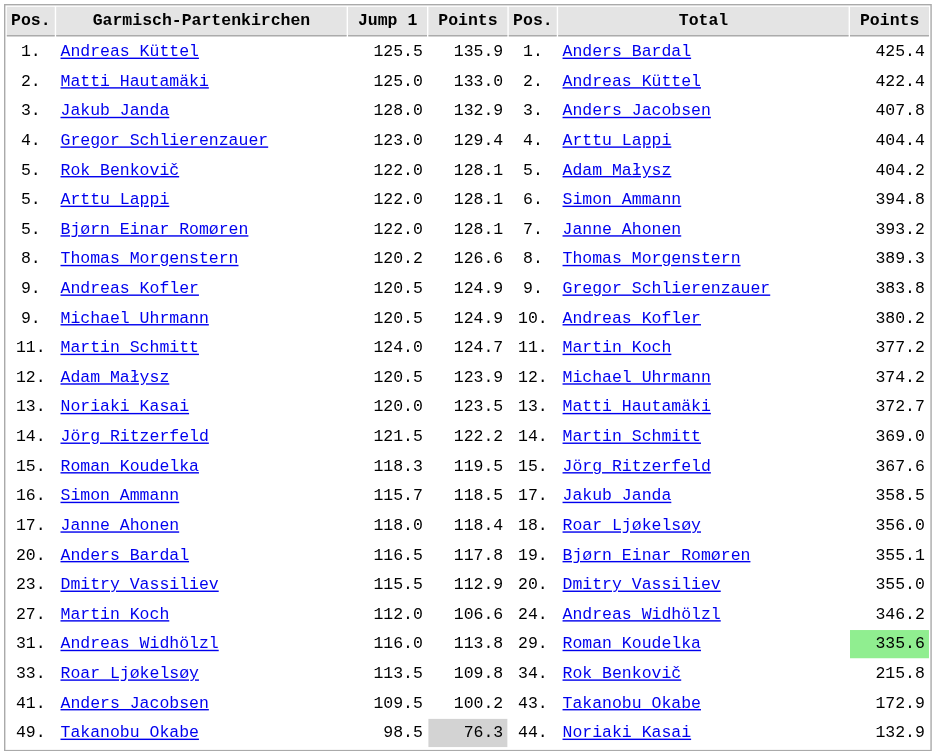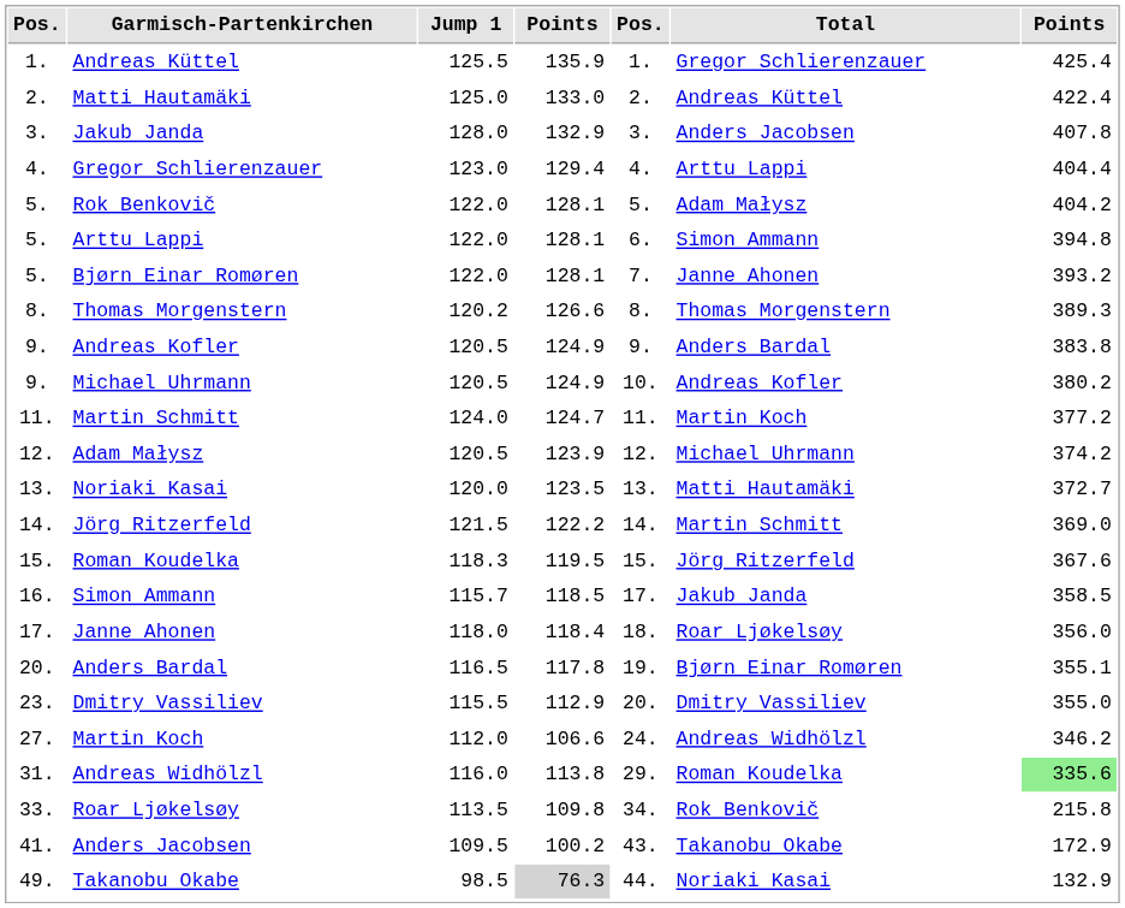 <table cellspacing="1" cellpadding="3" style="border:1px solid #AAAAAA;font-size:90%">
 <tr bgcolor="#E4E4E4">
 <th style="border-bottom:1px solid #AAAAAA" width=10>Pos.</th>
 <th style="border-bottom:1px solid #AAAAAA" width=200>Garmisch-Partenkirchen</th>
 <th style="border-bottom:1px solid #AAAAAA" width=50>Jump 1</th>
 <th style="border-bottom:1px solid #AAAAAA" width=50>Points</th>
 <th style="border-bottom:1px solid #AAAAAA" width=10>Pos.</th>
 <th style="border-bottom:1px solid #AAAAAA" width=200>Total</th>
 <th style="border-bottom:1px solid #AAAAAA" width=50>Points</th>
 </tr>
 <tr>
 <td align="center">1.</td>
 <td> <a href='#'>Andreas Küttel</a></td>
 <td align="right">125.5</td>
 <td align="right">135.9</td>
 <td align="center">1.</td>
-<td> <a href='#'>Anders Bardal</a></td>
+<td> <a href='#'>Gregor Schlierenzauer</a></td>
 <td align="right">425.4</td>
 </tr>
 <tr>
 <td align="center">2.</td>
 <td> <a href='#'>Matti Hautamäki</a></td>
 <td align="right">125.0</td>
 <td align="right">133.0</td>
 <td align="center">2.</td>
 <td> <a href='#'>Andreas Küttel</a></td>
 <td align="right">422.4</td>
 </tr>
 <tr>
 <td align="center">3.</td>
 <td> <a href='#'>Jakub Janda</a></td>
 <td align="right">128.0</td>
 <td align="right">132.9</td>
 <td align="center">3.</td>
 <td> <a href='#'>Anders Jacobsen</a></td>
 <td align="right">407.8</td>
 </tr>
 <tr>
 <td align="center">4.</td>
 <td> <a href='#'>Gregor Schlierenzauer</a></td>
 <td align="right">123.0</td>
 <td align="right">129.4</td>
 <td align="center">4.</td>
 <td> <a href='#'>Arttu Lappi</a></td>
 <td align="right">404.4</td>
 </tr>
 <tr>
 <td align="center">5.</td>
 <td> <a href='#'>Rok Benkovič</a></td>
 <td align="right">122.0</td>
 <td align="right">128.1</td>
 <td align="center">5.</td>
 <td> <a href='#'>Adam Małysz</a></td>
 <td align="right">404.2</td>
 </tr>
 <tr>
 <td align="center">5.</td>
 <td> <a href='#'>Arttu Lappi</a></td>
 <td align="right">122.0</td>
 <td align="right">128.1</td>
 <td align="center">6.</td>
 <td> <a href='#'>Simon Ammann</a></td>
 <td align="right">394.8</td>
 </tr>
 <tr>
 <td align="center">5.</td>
 <td> <a href='#'>Bjørn Einar Romøren</a></td>
 <td align="right">122.0</td>
 <td align="right">128.1</td>
 <td align="center">7.</td>
 <td> <a href='#'>Janne Ahonen</a></td>
 <td align="right">393.2</td>
 </tr>
 <tr>
 <td align="center">8.</td>
 <td> <a href='#'>Thomas Morgenstern</a></td>
 <td align="right">120.2</td>
 <td align="right">126.6</td>
 <td align="center">8.</td>
 <td> <a href='#'>Thomas Morgenstern</a></td>
 <td align="right">389.3</td>
 </tr>
 <tr>
 <td align="center">9.</td>
 <td> <a href='#'>Andreas Kofler</a></td>
 <td align="right">120.5</td>
 <td align="right">124.9</td>
 <td align="center">9.</td>
-<td> <a href='#'>Gregor Schlierenzauer</a></td>
+<td> <a href='#'>Anders Bardal</a></td>
 <td align="right">383.8</td>
 </tr>
 <tr>
 <td align="center">9.</td>
 <td> <a href='#'>Michael Uhrmann</a></td>
 <td align="right">120.5</td>
 <td align="right">124.9</td>
 <td align="center">10.</td>
 <td> <a href='#'>Andreas Kofler</a></td>
 <td align="right">380.2</td>
 </tr>
 <tr>
 <td align="center">11.</td>
 <td> <a href='#'>Martin Schmitt</a></td>
 <td align="right">124.0</td>
 <td align="right">124.7</td>
 <td align="center">11.</td>
 <td> <a href='#'>Martin Koch</a></td>
 <td align="right">377.2</td>
 </tr>
 <tr>
 <td align="center">12.</td>
 <td> <a href='#'>Adam Małysz</a></td>
 <td align="right">120.5</td>
 <td align="right">123.9</td>
 <td align="center">12.</td>
 <td> <a href='#'>Michael Uhrmann</a></td>
 <td align="right">374.2</td>
 </tr>
 <tr>
 <td align="center">13.</td>
 <td> <a href='#'>Noriaki Kasai</a></td>
 <td align="right">120.0</td>
 <td align="right">123.5</td>
 <td align="center">13.</td>
 <td> <a href='#'>Matti Hautamäki</a></td>
 <td align="right">372.7</td>
 </tr>
 <tr>
 <td align="center">14.</td>
 <td> <a href='#'>Jörg Ritzerfeld</a></td>
 <td align="right">121.5</td>
 <td align="right">122.2</td>
 <td align="center">14.</td>
 <td> <a href='#'>Martin Schmitt</a></td>
 <td align="right">369.0</td>
 </tr>
 <tr>
 <td align="center">15.</td>
 <td> <a href='#'>Roman Koudelka</a></td>
 <td align="right">118.3</td>
 <td align="right">119.5</td>
 <td align="center">15.</td>
 <td> <a href='#'>Jörg Ritzerfeld</a></td>
 <td align="right">367.6</td>
 </tr>
 <tr>
 <td align="center">16.</td>
 <td> <a href='#'>Simon Ammann</a></td>
 <td align="right">115.7</td>
 <td align="right">118.5</td>
 <td align="center">17.</td>
 <td> <a href='#'>Jakub Janda</a></td>
 <td align="right">358.5</td>
 </tr>
 <tr>
 <td align="center">17.</td>
 <td> <a href='#'>Janne Ahonen</a></td>
 <td align="right">118.0</td>
 <td align="right">118.4</td>
 <td align="center">18.</td>
 <td> <a href='#'>Roar Ljøkelsøy</a></td>
 <td align="right">356.0</td>
 </tr>
 <tr>
 <td align="center">20.</td>
 <td> <a href='#'>Anders Bardal</a></td>
 <td align="right">116.5</td>
 <td align="right">117.8</td>
 <td align="center">19.</td>
 <td> <a href='#'>Bjørn Einar Romøren</a></td>
 <td align="right">355.1</td>
 </tr>
 <tr>
 <td align="center">23.</td>
 <td> <a href='#'>Dmitry Vassiliev</a></td>
 <td align="right">115.5</td>
 <td align="right">112.9</td>
 <td align="center">20.</td>
 <td> <a href='#'>Dmitry Vassiliev</a></td>
 <td align="right">355.0</td>
 </tr>
 <tr>
 <td align="center">27.</td>
 <td> <a href='#'>Martin Koch</a></td>
 <td align="right">112.0</td>
 <td align="right">106.6</td>
 <td align="center">24.</td>
 <td> <a href='#'>Andreas Widhölzl</a></td>
 <td align="right">346.2</td>
 </tr>
 <tr>
 <td align="center">31.</td>
 <td> <a href='#'>Andreas Widhölzl</a></td>
 <td align="right">116.0</td>
 <td align="right">113.8</td>
 <td align="center">29.</td>
 <td> <a href='#'>Roman Koudelka</a></td>
 <td align="right" style="background: lightgreen;">335.6</td>
 </tr>
 <tr>
 <td align="center">33.</td>
 <td> <a href='#'>Roar Ljøkelsøy</a></td>
 <td align="right">113.5</td>
 <td align="right">109.8</td>
 <td align="center">34.</td>
 <td> <a href='#'>Rok Benkovič</a></td>
 <td align="right">215.8</td>
 </tr>
 <tr>
 <td align="center">41.</td>
 <td> <a href='#'>Anders Jacobsen</a></td>
 <td align="right">109.5</td>
 <td align="right">100.2</td>
 <td align="center">43.</td>
 <td> <a href='#'>Takanobu Okabe</a></td>
 <td align="right">172.9</td>
 </tr>
 <tr>
 <td align="center">49.</td>
 <td> <a href='#'>Takanobu Okabe</a></td>
 <td align="right">98.5</td>
 <td align="right" style="background: lightgrey;">76.3</td>
 <td align="center">44.</td>
 <td> <a href='#'>Noriaki Kasai</a></td>
 <td align="right">132.9</td>
 </tr>
 <tr>
 </tr>
 </table>
